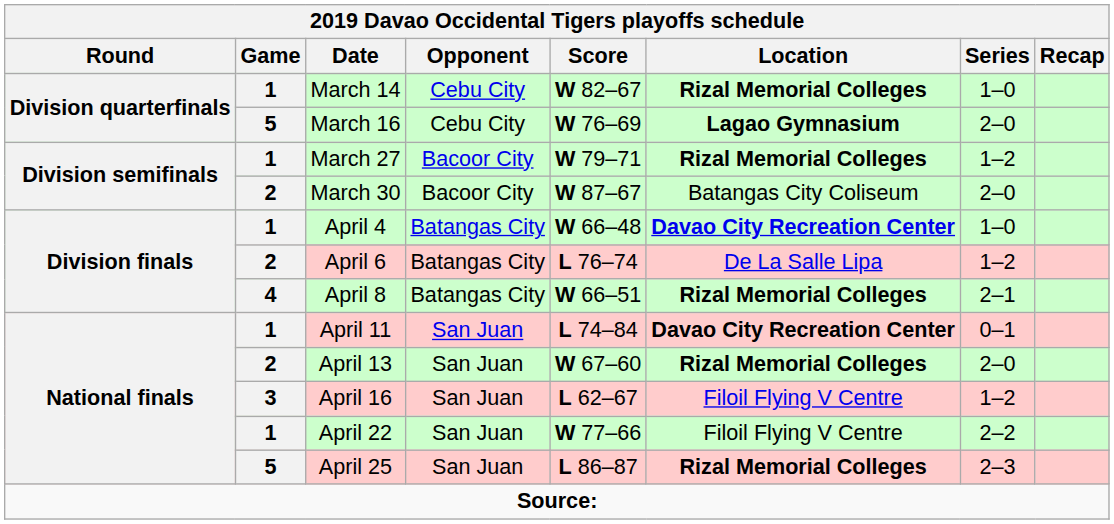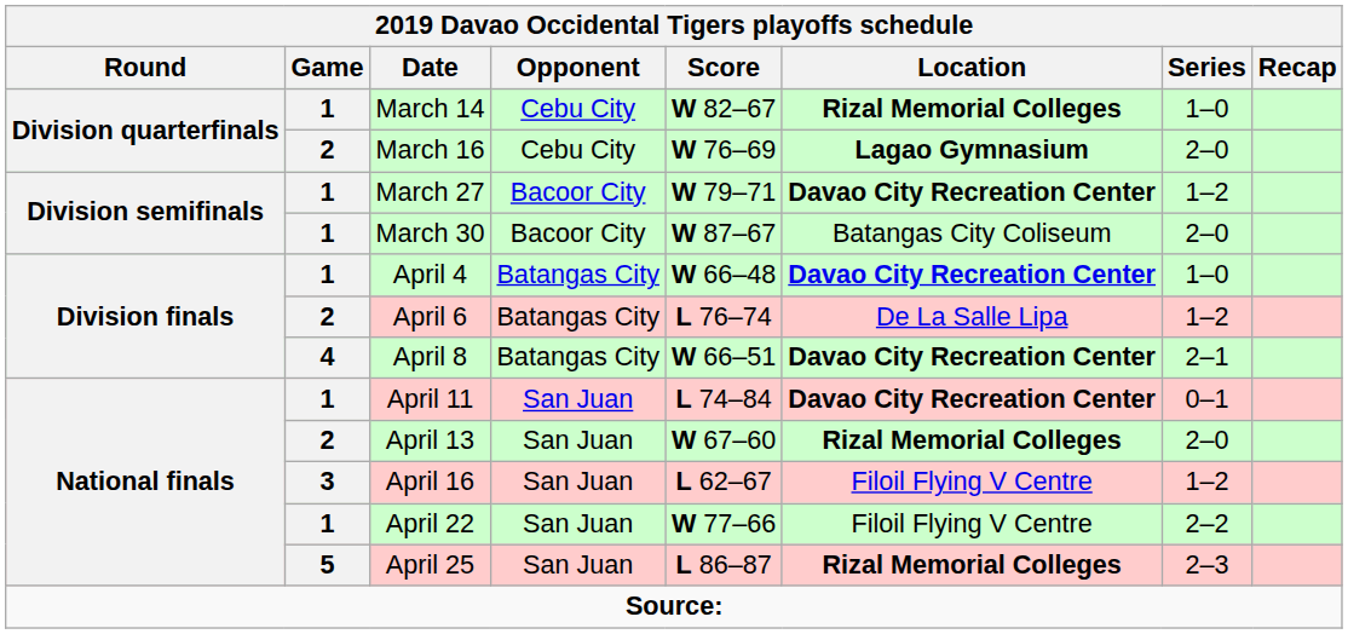 <table class="wikitable" style="text-align:center">
 <tr>
 <th colspan=8>2019 Davao Occidental Tigers playoffs schedule</th>
 </tr>
 <tr>
 <th>Round</th>
 <th>Game</th>
 <th>Date</th>
 <th>Opponent</th>
 <th>Score</th>
 <th>Location</th>
 <th>Series</th>
 <th>Recap<br></th>
 </tr>
 <tr style="background:#cfc">
 <th rowspan=2>Division quarterfinals</th>
 <th>1</th>
 <td>March 14</td>
 <td><a href='#'>Cebu City</a></td>
 <td><strong>W</strong> 82–67</td>
 <td><strong>Rizal Memorial Colleges</strong></td>
 <td>1–0</td>
 <td></td>
 </tr>
 <tr style="background:#cfc">
-<th>5</th>
+<th>2</th>
 <td>March 16</td>
 <td>Cebu City</td>
 <td><strong>W</strong> 76–69</td>
 <td><strong>Lagao Gymnasium</strong></td>
 <td>2–0</td>
 <td><br></td>
 </tr>
 <tr style="background:#cfc">
 <th rowspan=2>Division semifinals</th>
 <th>1</th>
 <td>March 27</td>
 <td><a href='#'>Bacoor City</a></td>
 <td><strong>W</strong> 79–71</td>
-<td><strong>Rizal Memorial Colleges</strong></td>
+<td><strong>Davao City Recreation Center</strong></td>
 <td>1–2</td>
 <td></td>
 </tr>
 <tr style="background:#cfc">
-<th>2</th>
+<th>1</th>
 <td>March 30</td>
 <td>Bacoor City</td>
 <td><strong>W</strong> 87–67</td>
 <td>Batangas City Coliseum</td>
 <td>2–0</td>
 <td><br></td>
 </tr>
 <tr style="background:#cfc">
 <th rowspan=3>Division finals</th>
 <th>1</th>
 <td>April 4</td>
 <td><a href='#'>Batangas City</a></td>
 <td><strong>W</strong> 66–48</td>
 <td><strong><a href='#'>Davao City Recreation Center</a></strong></td>
 <td>1–0</td>
 <td></td>
 </tr>
 <tr style="background:#fcc">
 <th>2</th>
 <td>April 6</td>
 <td>Batangas City</td>
 <td><strong>L</strong> 76–74</td>
 <td><a href='#'>De La Salle Lipa</a></td>
 <td>1–2</td>
 <td></td>
 </tr>
 <tr style="background:#cfc">
 <th>4</th>
 <td>April 8</td>
 <td>Batangas City</td>
 <td><strong>W</strong> 66–51</td>
-<td><strong>Rizal Memorial Colleges</strong></td>
+<td><strong>Davao City Recreation Center</strong></td>
 <td>2–1</td>
 <td><br></td>
 </tr>
 <tr style="background:#fcc">
 <th rowspan=5>National finals</th>
 <th>1</th>
 <td>April 11</td>
 <td><a href='#'>San Juan</a></td>
 <td><strong>L</strong> 74–84</td>
 <td><strong>Davao City Recreation Center</strong></td>
 <td>0–1</td>
 <td></td>
 </tr>
 <tr style="background:#cfc">
 <th>2</th>
 <td>April 13</td>
 <td>San Juan</td>
 <td><strong>W</strong> 67–60</td>
 <td><strong>Rizal Memorial Colleges</strong></td>
 <td>2–0</td>
 <td></td>
 </tr>
 <tr style="background:#fcc">
 <th>3</th>
 <td>April 16</td>
 <td>San Juan</td>
 <td><strong>L</strong> 62–67</td>
 <td><a href='#'>Filoil Flying V Centre</a></td>
 <td>1–2</td>
 <td></td>
 </tr>
 <tr style="background:#cfc">
 <th>1</th>
 <td>April 22</td>
 <td>San Juan</td>
 <td><strong>W</strong> 77–66</td>
 <td>Filoil Flying V Centre</td>
 <td>2–2</td>
 <td></td>
 </tr>
 <tr style="background:#fcc">
 <th>5</th>
 <td>April 25</td>
 <td>San Juan</td>
 <td><strong>L</strong> 86–87</td>
 <td><strong>Rizal Memorial Colleges</strong></td>
 <td>2–3</td>
 <td></td>
 </tr>
 <tr>
 <td colspan=8 align=center><strong>Source: </strong></td>
 </tr>
 </table>
